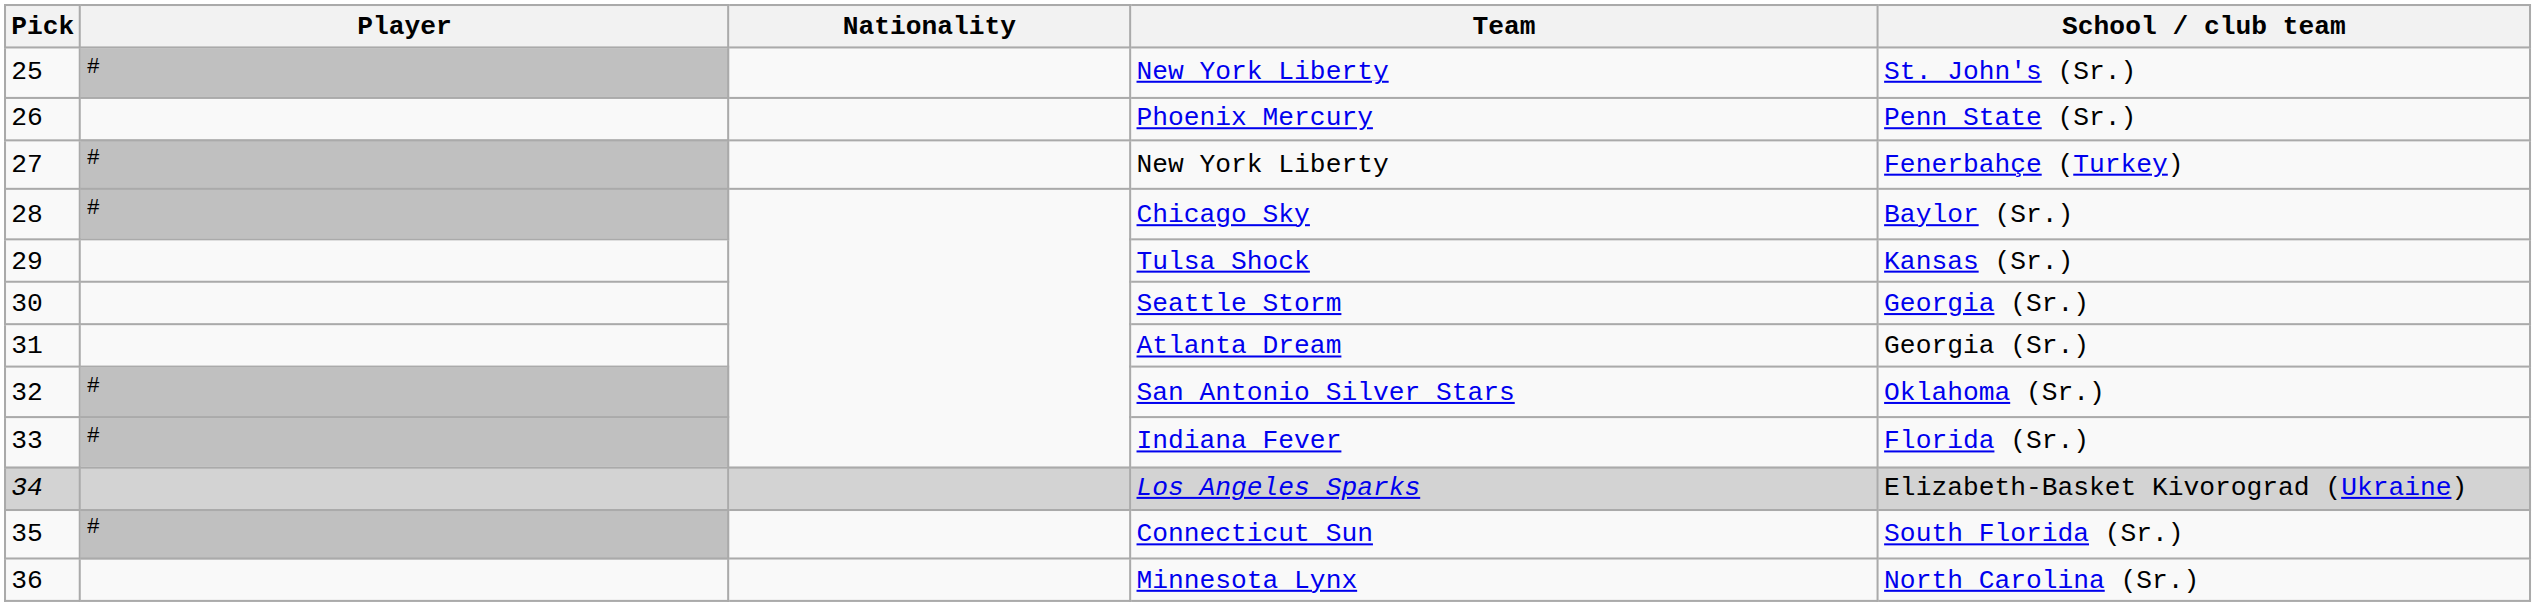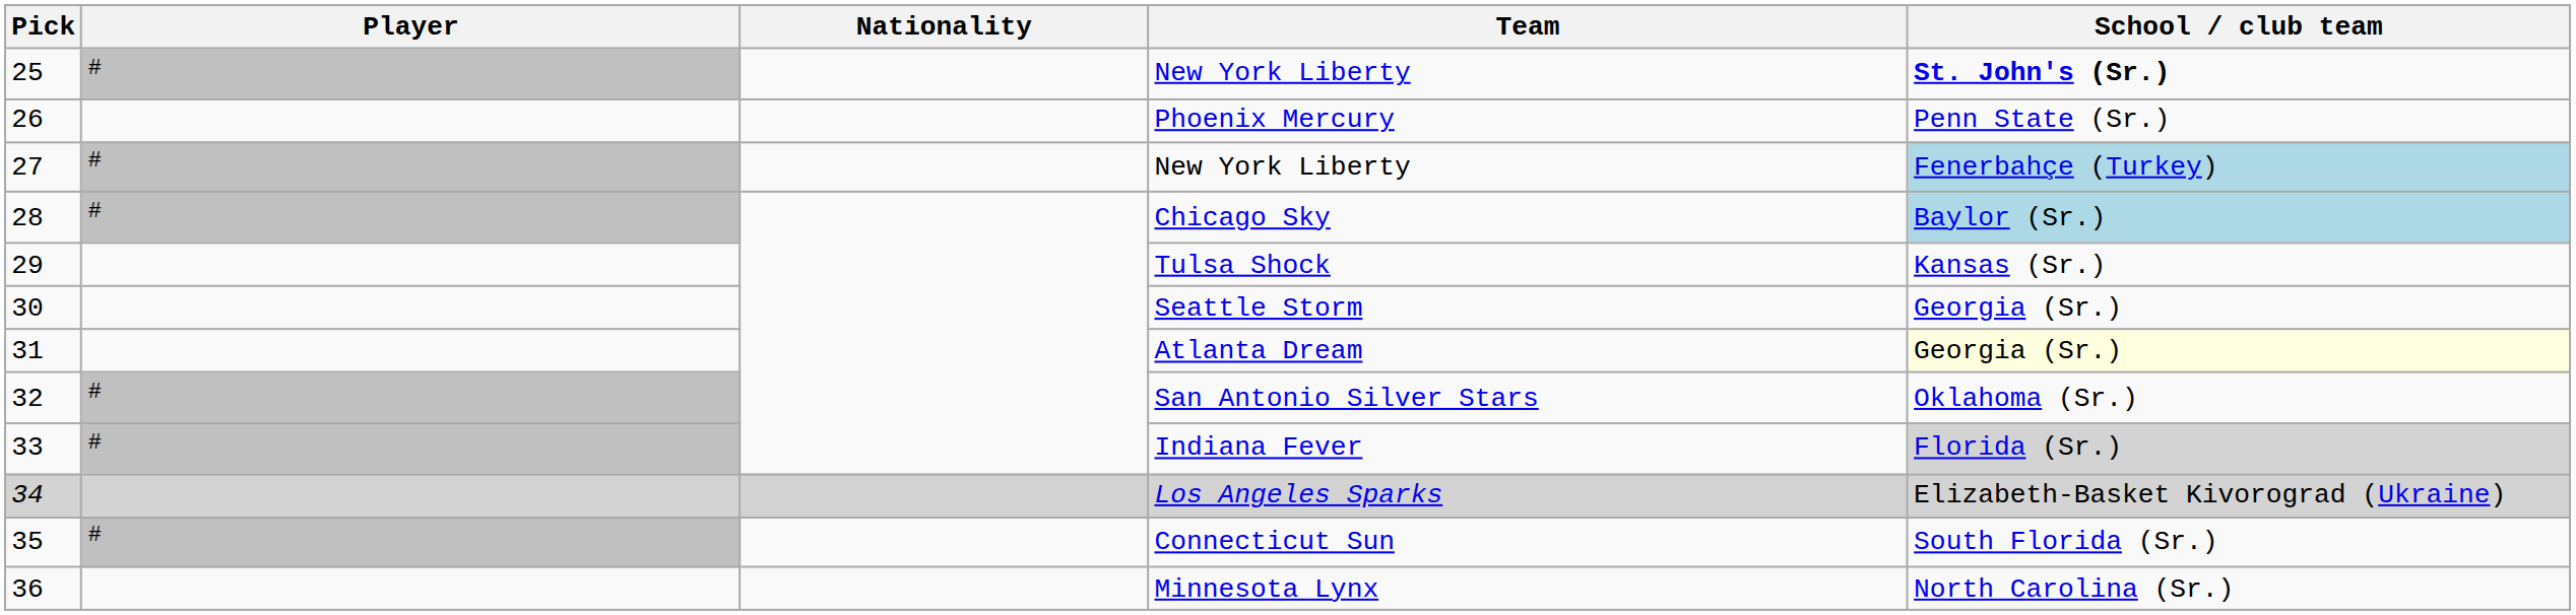 <table class="wikitable sortable">
 <tr>
 <th width=30>Pick</th>
 <th width=333>Player</th>
 <th width=200>Nationality</th>
 <th width=383>Team</th>
 <th width=333>School / club team</th>
 </tr>
 <tr>
 <td>25</td>
 <td bgcolor=#C0C0C0> <sup>#</sup></td>
 <td></td>
 <td><a href='#'>New York Liberty</a> </td>
-<td><a href='#'>St. John's</a> (Sr.)</td>
+<td><strong><a href='#'>St. John's</a> (Sr.)</strong></td>
 </tr>
 <tr>
 <td>26</td>
 <td></td>
 <td></td>
 <td><a href='#'>Phoenix Mercury</a></td>
 <td><a href='#'>Penn State</a> (Sr.)</td>
 </tr>
 <tr>
 <td>27</td>
 <td bgcolor=#C0C0C0> <sup>#</sup></td>
 <td></td>
 <td>New York Liberty </td>
-<td><a href='#'>Fenerbahçe</a> (<a href='#'>Turkey</a>)</td>
+<td style="background: lightblue;"><a href='#'>Fenerbahçe</a> (<a href='#'>Turkey</a>)</td>
 </tr>
 <tr>
 <td>28</td>
 <td bgcolor=#C0C0C0> <sup>#</sup></td>
 <td rowspan=6></td>
 <td><a href='#'>Chicago Sky</a></td>
-<td><a href='#'>Baylor</a> (Sr.)</td>
+<td style="background: lightblue;"><a href='#'>Baylor</a> (Sr.)</td>
 </tr>
 <tr>
 <td>29</td>
 <td></td>
 <td><a href='#'>Tulsa Shock</a> </td>
 <td><a href='#'>Kansas</a> (Sr.)</td>
 </tr>
 <tr>
 <td>30</td>
 <td></td>
 <td><a href='#'>Seattle Storm</a></td>
 <td><a href='#'>Georgia</a> (Sr.)</td>
 </tr>
 <tr>
 <td>31</td>
 <td></td>
 <td><a href='#'>Atlanta Dream</a></td>
-<td>Georgia (Sr.)</td>
+<td style="background: lightyellow;">Georgia (Sr.)</td>
 </tr>
 <tr>
 <td>32</td>
 <td bgcolor=#C0C0C0> <sup>#</sup></td>
 <td><a href='#'>San Antonio Silver Stars</a></td>
 <td><a href='#'>Oklahoma</a> (Sr.)</td>
 </tr>
 <tr>
 <td>33</td>
 <td bgcolor=#C0C0C0> <sup>#</sup></td>
 <td><a href='#'>Indiana Fever</a></td>
-<td><a href='#'>Florida</a> (Sr.)</td>
+<td style="background: lightgrey;"><a href='#'>Florida</a> (Sr.)</td>
 </tr>
 <tr bgcolor="lightgray">
 <td><em>34</em></td>
 <td><em></em></td>
 <td></td>
 <td><em><a href='#'>Los Angeles Sparks</a></em></td>
 <td>Elizabeth-Basket Kivorograd (<a href='#'>Ukraine</a>)</td>
 </tr>
 <tr>
 <td>35</td>
 <td bgcolor=#C0C0C0> <sup>#</sup></td>
 <td></td>
 <td><a href='#'>Connecticut Sun</a></td>
 <td><a href='#'>South Florida</a> (Sr.)</td>
 </tr>
 <tr>
 <td>36</td>
 <td></td>
 <td></td>
 <td><a href='#'>Minnesota Lynx</a></td>
 <td><a href='#'>North Carolina</a> (Sr.)</td>
 </tr>
 </table>
